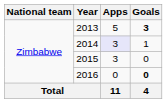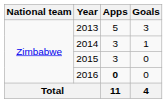 <table class="wikitable" style="text-align:center">
 <tr>
 <th>National team</th>
 <th>Year</th>
 <th>Apps</th>
 <th>Goals</th>
 </tr>
 <tr>
 <td rowspan="4"><a href='#'>Zimbabwe</a></td>
 <td>2013</td>
 <td>5</td>
-<td><strong>3</strong></td>
+<td>3</td>
 </tr>
 <tr>
 <td>2014</td>
-<td style="background: lavender;">3</td>
+<td>3</td>
 <td>1</td>
 </tr>
 <tr>
 <td>2015</td>
 <td>3</td>
 <td>0</td>
 </tr>
 <tr>
 <td>2016</td>
+<td><strong>0</strong></td>
 <td>0</td>
-<td><strong>0</strong></td>
 </tr>
 <tr>
 <th colspan=2>Total</th>
 <th>11</th>
 <th>4</th>
 </tr>
 </table>
